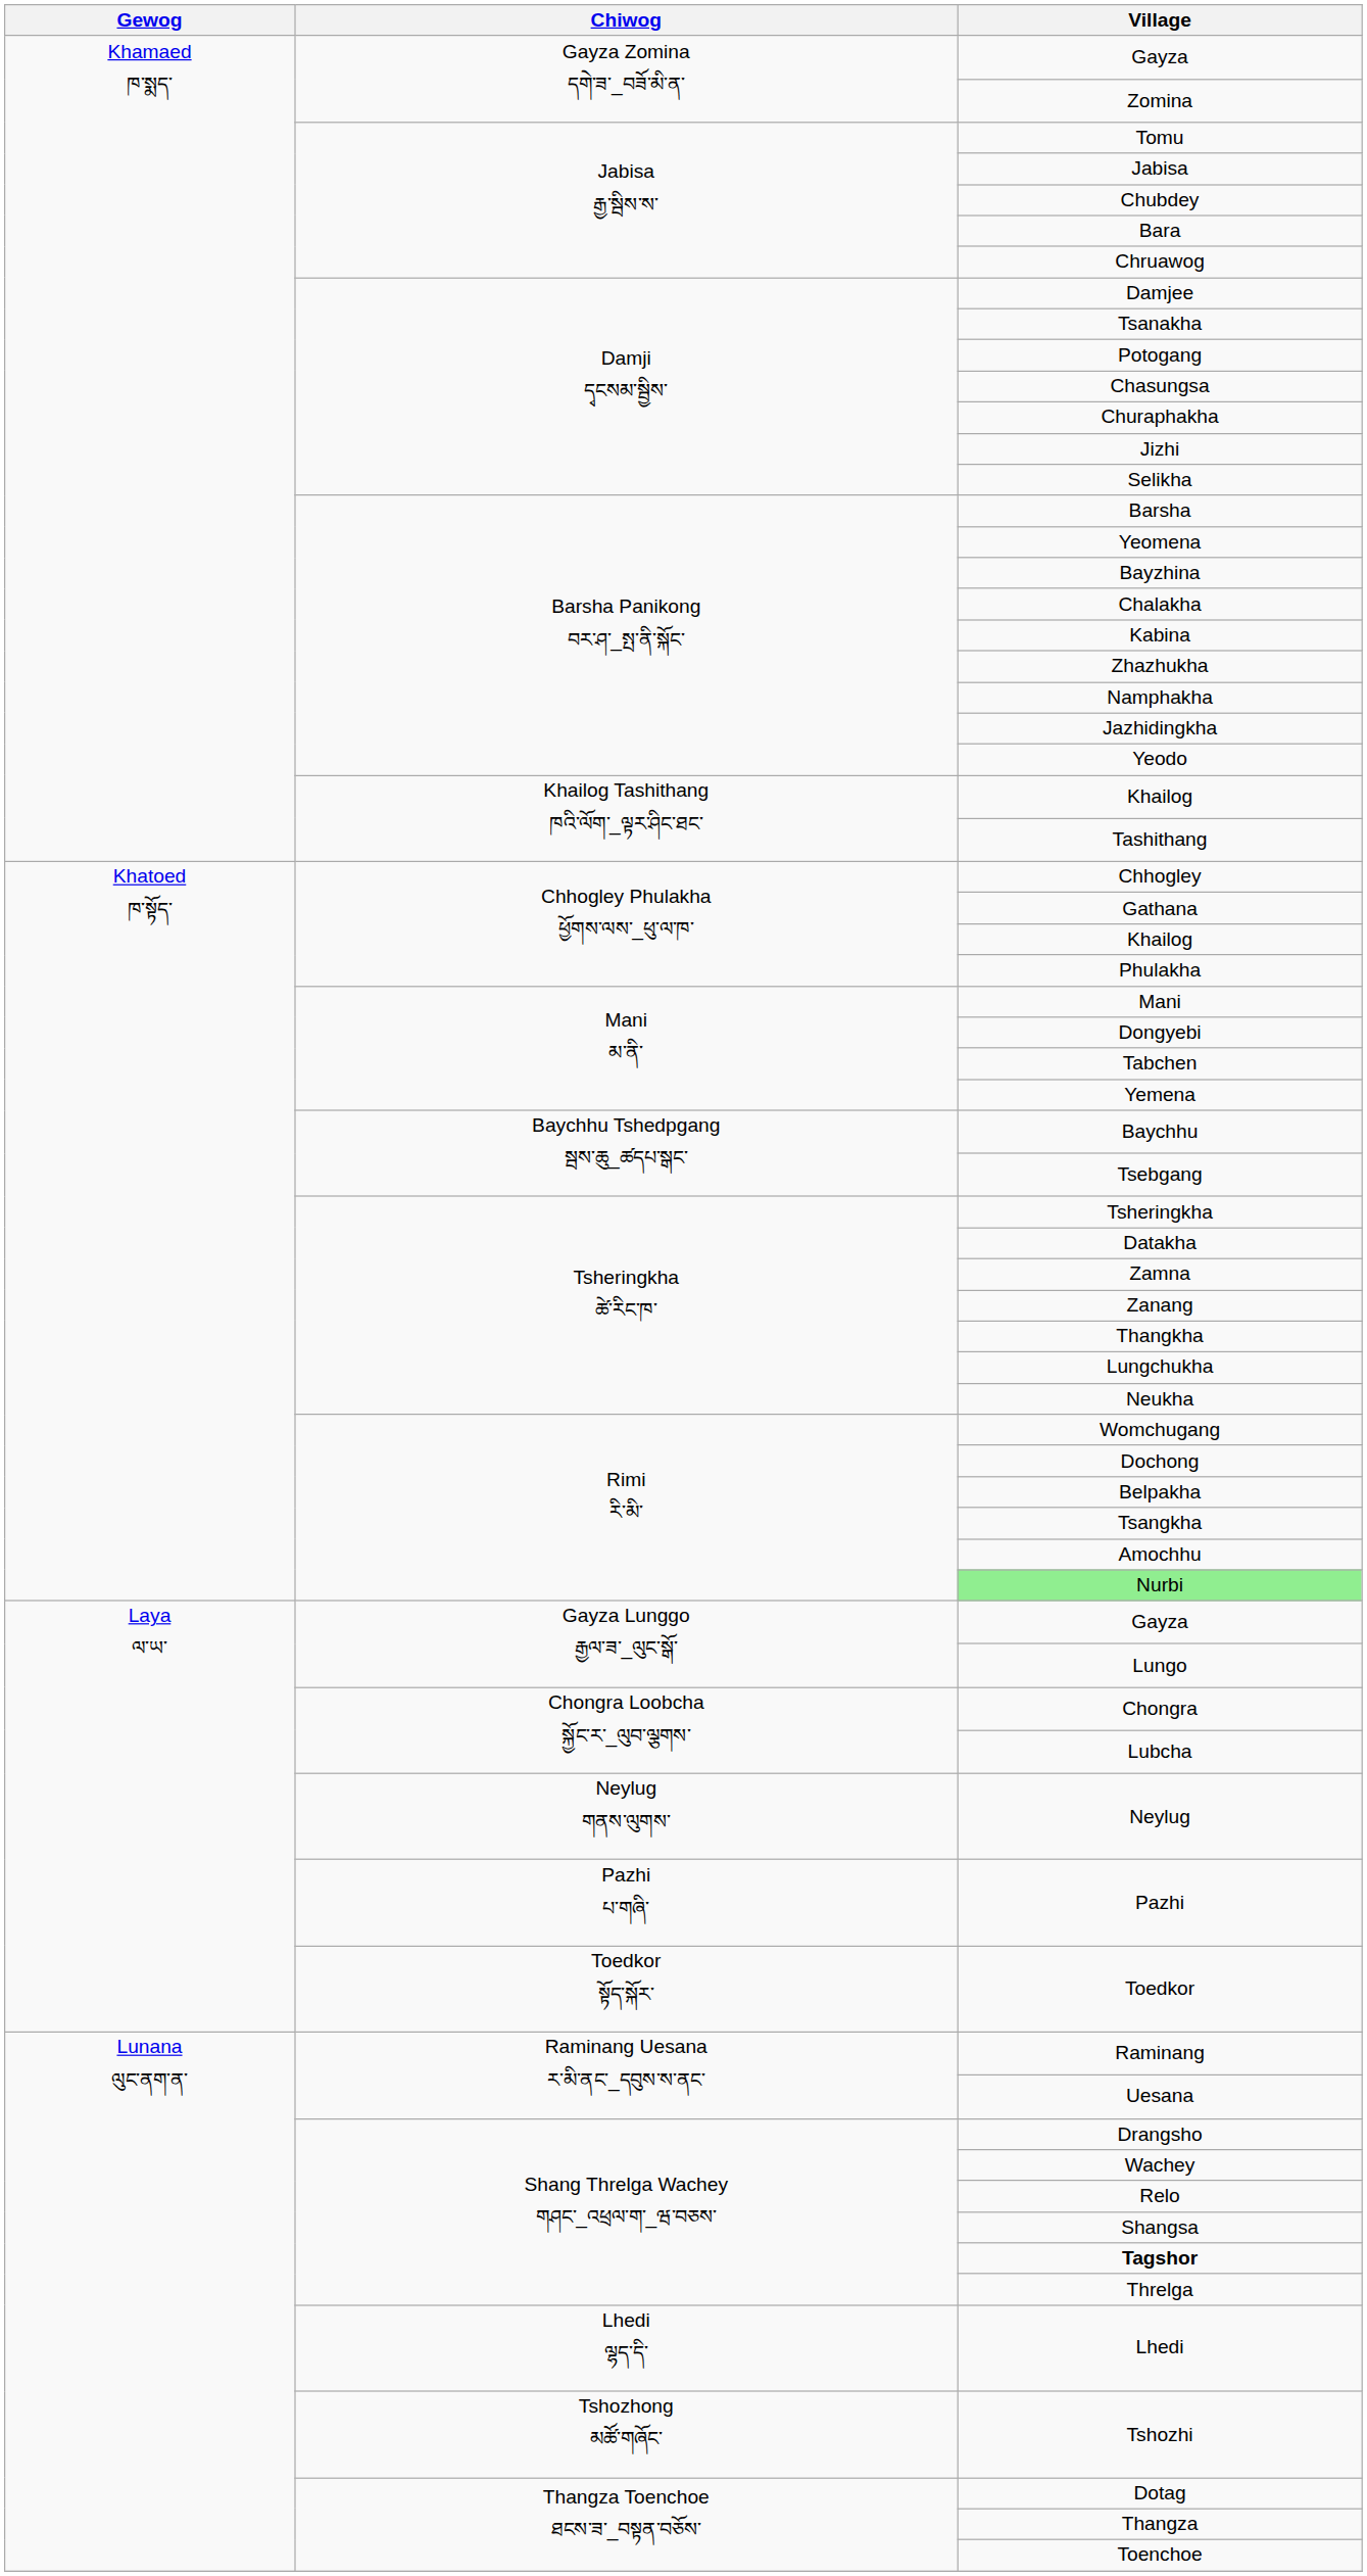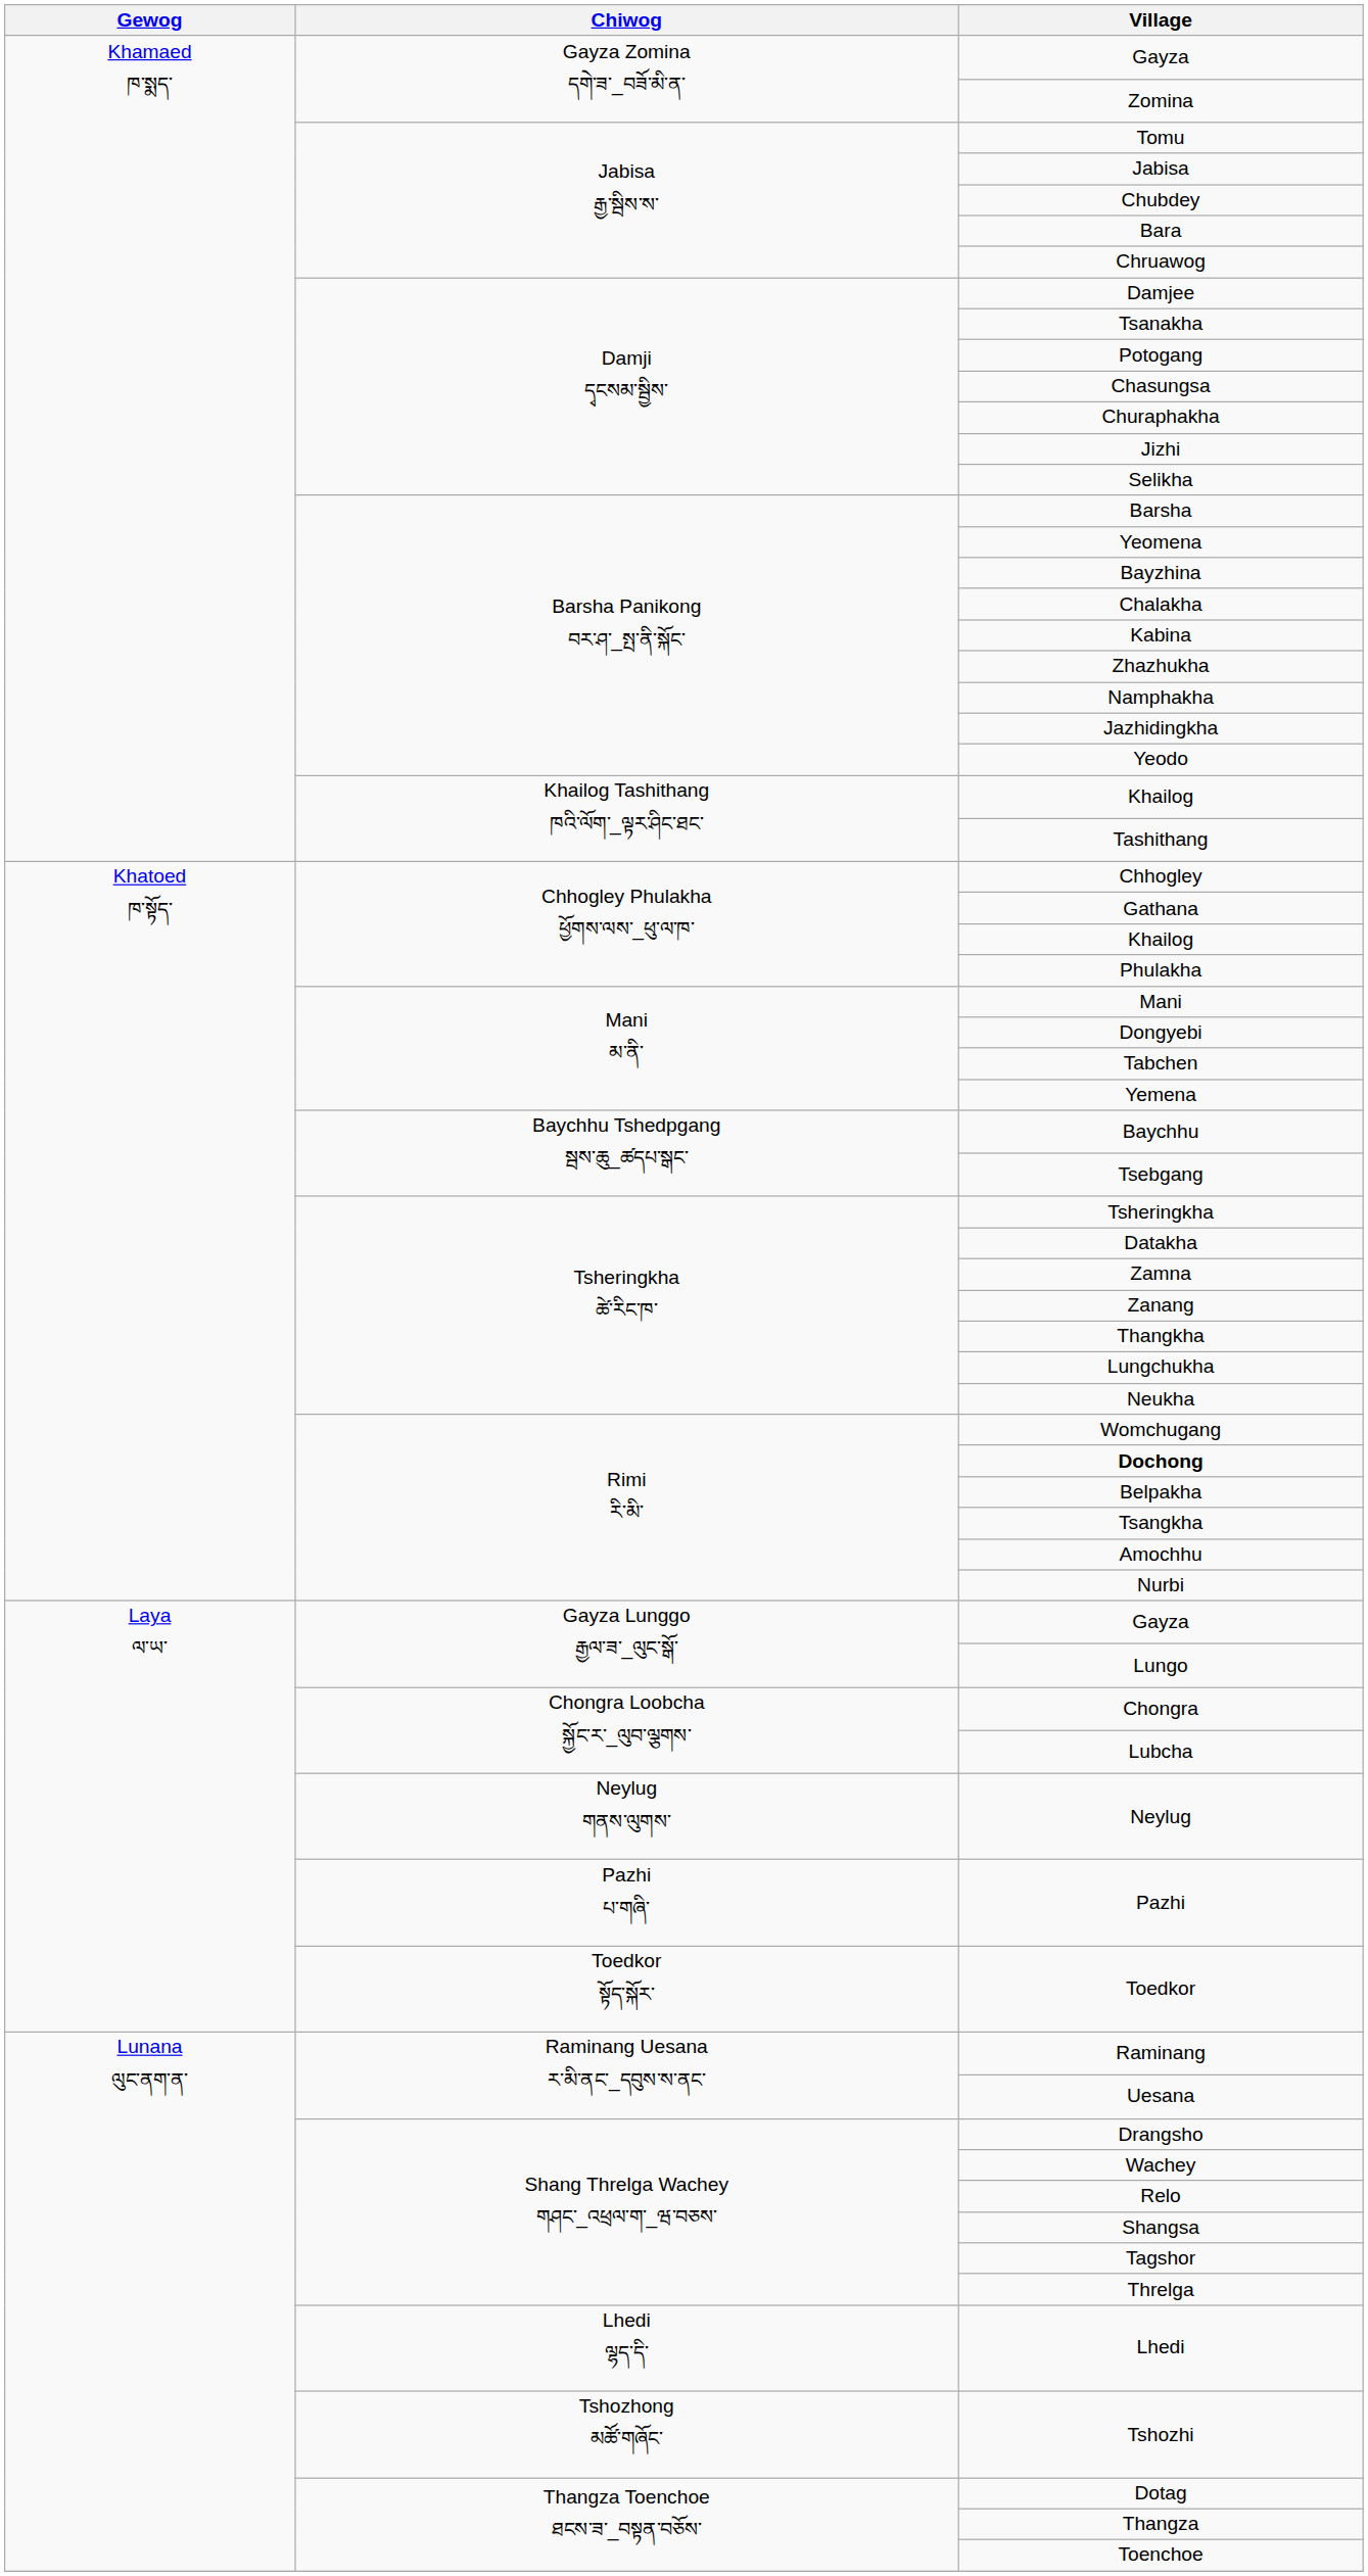 <table class="wikitable" style="width:70%; text-align:center" align="center">
 <tr>
 <th><a href='#'>Gewog</a></th>
 <th><a href='#'>Chiwog</a></th>
 <th>Village</th>
 </tr>
 <tr>
 <td rowspan=25 valign="top"><a href='#'>Khamaed</a><br>ཁ་སྨད་</td>
 <td rowspan=2>Gayza Zomina<br>དགེ་ཟ་_བཟོ་མི་ན་</td>
 <td>Gayza</td>
 </tr>
 <tr>
 <td>Zomina</td>
 </tr>
 <tr>
 <td rowspan=5>Jabisa<br>རྒྱ་སྦིས་ས་</td>
 <td>Tomu</td>
 </tr>
 <tr>
 <td>Jabisa</td>
 </tr>
 <tr>
 <td>Chubdey</td>
 </tr>
 <tr>
 <td>Bara</td>
 </tr>
 <tr>
 <td>Chruawog</td>
 </tr>
 <tr>
 <td rowspan=7>Damji<br>དྭངསམ་སྦྱིས་</td>
 <td>Damjee</td>
 </tr>
 <tr>
 <td>Tsanakha</td>
 </tr>
 <tr>
 <td>Potogang</td>
 </tr>
 <tr>
 <td>Chasungsa</td>
 </tr>
 <tr>
 <td>Churaphakha</td>
 </tr>
 <tr>
 <td>Jizhi</td>
 </tr>
 <tr>
 <td>Selikha</td>
 </tr>
 <tr>
 <td rowspan=9>Barsha Panikong<br>བར་ཤ་_སྤ་ནི་སྐོང་</td>
 <td>Barsha</td>
 </tr>
 <tr>
 <td>Yeomena</td>
 </tr>
 <tr>
 <td>Bayzhina</td>
 </tr>
 <tr>
 <td>Chalakha</td>
 </tr>
 <tr>
 <td>Kabina</td>
 </tr>
 <tr>
 <td>Zhazhukha</td>
 </tr>
 <tr>
 <td>Namphakha</td>
 </tr>
 <tr>
 <td>Jazhidingkha</td>
 </tr>
 <tr>
 <td>Yeodo</td>
 </tr>
 <tr>
 <td rowspan=2>Khailog Tashithang<br>ཁའི་ལོག་_ལྟར་ཤིང་ཐང་</td>
 <td>Khailog</td>
 </tr>
 <tr>
 <td>Tashithang</td>
 </tr>
 <tr>
 <td rowspan=23 valign="top"><a href='#'>Khatoed</a><br>ཁ་སྟོད་</td>
 <td rowspan=4>Chhogley Phulakha<br>ཕྱོགས་ལས་_ཕུ་ལ་ཁ་</td>
 <td>Chhogley</td>
 </tr>
 <tr>
 <td>Gathana</td>
 </tr>
 <tr>
 <td>Khailog</td>
 </tr>
 <tr>
 <td>Phulakha</td>
 </tr>
 <tr>
 <td rowspan=4>Mani<br>མ་ནི་</td>
 <td>Mani</td>
 </tr>
 <tr>
 <td>Dongyebi</td>
 </tr>
 <tr>
 <td>Tabchen</td>
 </tr>
 <tr>
 <td>Yemena</td>
 </tr>
 <tr>
 <td rowspan=2>Baychhu Tshedpgang<br>སྦས་ཆུ_ཚདཔ་སྒང་</td>
 <td>Baychhu</td>
 </tr>
 <tr>
 <td>Tsebgang</td>
 </tr>
 <tr>
 <td rowspan=7>Tsheringkha<br>ཚེ་རིང་ཁ་</td>
 <td>Tsheringkha</td>
 </tr>
 <tr>
 <td>Datakha</td>
 </tr>
 <tr>
 <td>Zamna</td>
 </tr>
 <tr>
 <td>Zanang</td>
 </tr>
 <tr>
 <td>Thangkha</td>
 </tr>
 <tr>
 <td>Lungchukha</td>
 </tr>
 <tr>
 <td>Neukha</td>
 </tr>
 <tr>
 <td rowspan=6>Rimi<br>རི་མི་</td>
 <td>Womchugang</td>
 </tr>
 <tr>
-<td>Dochong</td>
+<td><strong>Dochong</strong></td>
 </tr>
 <tr>
 <td>Belpakha</td>
 </tr>
 <tr>
 <td>Tsangkha</td>
 </tr>
 <tr>
 <td>Amochhu</td>
 </tr>
 <tr>
-<td style="background: lightgreen;">Nurbi</td>
+<td>Nurbi</td>
 </tr>
 <tr>
 <td rowspan=7 valign="top"><a href='#'>Laya</a><br>ལ་ཡ་</td>
 <td rowspan=2>Gayza Lunggo<br>རྒྱལ་ཟ་_ལུང་སྒོ་</td>
 <td>Gayza</td>
 </tr>
 <tr>
 <td>Lungo</td>
 </tr>
 <tr>
 <td rowspan=2>Chongra Loobcha<br>སྐྱོང་ར་_ལུབ་ལྕགས་</td>
 <td>Chongra</td>
 </tr>
 <tr>
 <td>Lubcha</td>
 </tr>
 <tr>
 <td>Neylug<br>གནས་ལུགས་</td>
 <td>Neylug</td>
 </tr>
 <tr>
 <td>Pazhi<br>པ་གཞི་</td>
 <td>Pazhi</td>
 </tr>
 <tr>
 <td>Toedkor<br>སྟོད་སྐོར་</td>
 <td>Toedkor</td>
 </tr>
 <tr>
 <td rowspan=13 valign="top"><a href='#'>Lunana</a><br>ལུང་ནག་ན་</td>
 <td rowspan=2>Raminang Uesana<br>ར་མི་ནང་_དབུས་ས་ནང་</td>
 <td>Raminang</td>
 </tr>
 <tr>
 <td>Uesana</td>
 </tr>
 <tr>
 <td rowspan=6>Shang Threlga Wachey<br>གཤང་_འཕྲལ་ག་_ཝ་བཅས་</td>
 <td>Drangsho</td>
 </tr>
 <tr>
 <td>Wachey</td>
 </tr>
 <tr>
 <td>Relo</td>
 </tr>
 <tr>
 <td>Shangsa</td>
 </tr>
 <tr>
-<td><strong>Tagshor</strong></td>
+<td>Tagshor</td>
 </tr>
 <tr>
 <td>Threlga</td>
 </tr>
 <tr>
 <td>Lhedi<br>ལྷད་དི་</td>
 <td>Lhedi</td>
 </tr>
 <tr>
 <td>Tshozhong<br>མཚོ་གཞོང་</td>
 <td>Tshozhi</td>
 </tr>
 <tr>
 <td rowspan=3>Thangza Toenchoe<br>ཐངས་ཟ་_བསྟན་བཅོས་</td>
 <td>Dotag</td>
 </tr>
 <tr>
 <td>Thangza</td>
 </tr>
 <tr>
 <td>Toenchoe</td>
 </tr>
 <tr>
 </tr>
 </table>
